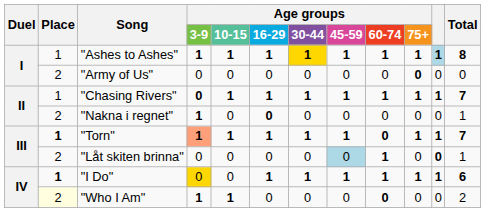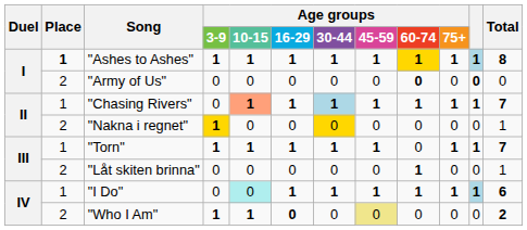 <table class="wikitable" style="margin: 1em auto 1em auto; text-align:center;">
 <tr>
 <th rowspan="2">Duel</th>
 <th rowspan="2">Place</th>
 <th rowspan="2">Song</th>
 <th colspan="7">Age groups</th>
 <th rowspan="2"></th>
 <th rowspan="2">Total</th>
 </tr>
 <tr>
 <th style="font-weight:bold;background:#76C043;color:white;">3-9</th>
 <th style="font-weight:bold;background:#55BF9A;color:white;">10-15</th>
 <th style="font-weight:bold;background:#09AAE0;color:white;">16-29</th>
 <th style="font-weight:bold;background:#804F9F;color:white;">30-44</th>
 <th style="font-weight:bold;background:#D94599;color:white;">45-59</th>
 <th style="font-weight:bold;background:#ED3E23;color:white;">60-74</th>
 <th style="font-weight:bold;background:#F6931D;color:white;">75+</th>
 </tr>
 <tr>
 <th rowspan="2">I</th>
-<td>1</td>
+<td><strong>1</strong></td>
 <td style="text-align:left;">"Ashes to Ashes"</td>
 <td><strong>1</strong></td>
 <td><strong>1</strong></td>
 <td><strong>1</strong></td>
-<td style="background: gold;"><strong>1</strong></td>
 <td><strong>1</strong></td>
 <td><strong>1</strong></td>
+<td style="background: gold;"><strong>1</strong></td>
 <td><strong>1</strong></td>
 <td style="background: lightblue;"><strong>1</strong></td>
 <td><strong>8</strong></td>
 </tr>
 <tr>
 <td>2</td>
 <td style="text-align:left;">"Army of Us"</td>
 <td>0</td>
 <td>0</td>
 <td>0</td>
 <td>0</td>
 <td>0</td>
+<td><strong>0</strong></td>
 <td>0</td>
 <td><strong>0</strong></td>
-<td>0</td>
 <td>0</td>
 </tr>
 <tr>
 <th rowspan="2">II</th>
 <td>1</td>
 <td style="text-align:left;">"Chasing Rivers"</td>
-<td><strong>0</strong></td>
+<td>0</td>
+<td style="background: lightsalmon;"><strong>1</strong></td>
 <td><strong>1</strong></td>
-<td><strong>1</strong></td>
-<td><strong>1</strong></td>
+<td style="background: lightblue;"><strong>1</strong></td>
 <td><strong>1</strong></td>
 <td><strong>1</strong></td>
 <td><strong>1</strong></td>
 <td><strong>1</strong></td>
 <td><strong>7</strong></td>
 </tr>
 <tr>
 <td>2</td>
 <td style="text-align:left;">"Nakna i regnet"</td>
-<td><strong>1</strong></td>
+<td style="background: gold;"><strong>1</strong></td>
 <td>0</td>
-<td><strong>0</strong></td>
 <td>0</td>
+<td style="background: gold;">0</td>
 <td>0</td>
 <td>0</td>
 <td>0</td>
 <td>0</td>
 <td>1</td>
 </tr>
 <tr>
 <th rowspan="2">III</th>
-<td><strong>1</strong></td>
+<td>1</td>
 <td style="text-align:left;">"Torn"</td>
-<td style="background: lightsalmon;"><strong>1</strong></td>
 <td><strong>1</strong></td>
 <td><strong>1</strong></td>
 <td><strong>1</strong></td>
 <td><strong>1</strong></td>
-<td><strong>0</strong></td>
+<td><strong>1</strong></td>
+<td>0</td>
 <td><strong>1</strong></td>
 <td><strong>1</strong></td>
 <td><strong>7</strong></td>
 </tr>
 <tr>
 <td>2</td>
 <td style="text-align:left;">"Låt skiten brinna"</td>
 <td>0</td>
 <td>0</td>
 <td>0</td>
 <td>0</td>
-<td style="background: lightblue;">0</td>
+<td>0</td>
 <td><strong>1</strong></td>
 <td>0</td>
-<td><strong>0</strong></td>
+<td>0</td>
 <td>1</td>
 </tr>
 <tr>
 <th rowspan="2">IV</th>
-<td><strong>1</strong></td>
+<td>1</td>
 <td style="text-align:left;">"I Do"</td>
-<td style="background: gold;">0</td>
 <td>0</td>
+<td style="background: paleturquoise;">0</td>
 <td><strong>1</strong></td>
 <td><strong>1</strong></td>
 <td><strong>1</strong></td>
 <td><strong>1</strong></td>
 <td><strong>1</strong></td>
-<td><strong>1</strong></td>
+<td style="background: lightblue;"><strong>1</strong></td>
 <td><strong>6</strong></td>
 </tr>
 <tr>
-<td style="background: lightyellow;">2</td>
+<td>2</td>
 <td style="text-align:left;">"Who I Am"</td>
 <td><strong>1</strong></td>
 <td><strong>1</strong></td>
+<td><strong>0</strong></td>
+<td>0</td>
+<td style="background: khaki;">0</td>
 <td>0</td>
 <td>0</td>
 <td>0</td>
-<td><strong>0</strong></td>
-<td>0</td>
-<td>0</td>
-<td>2</td>
+<td><strong>2</strong></td>
 </tr>
 </table>
